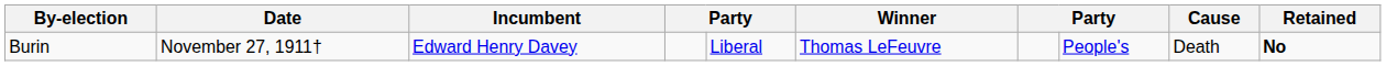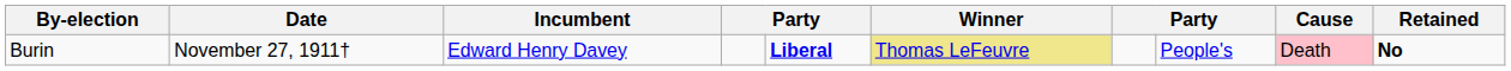 <table class=wikitable style="width:100%">
 <tr>
 <th>By-election</th>
 <th>Date</th>
 <th>Incumbent</th>
 <th colspan=2>Party</th>
 <th>Winner</th>
 <th colspan=2>Party</th>
 <th>Cause</th>
 <th>Retained</th>
 </tr>
 <tr>
 <td>Burin</td>
 <td>November 27, 1911†</td>
 <td><a href='#'>Edward Henry Davey</a></td>
 <td>    </td>
-<td><a href='#'>Liberal</a></td>
-<td><a href='#'>Thomas LeFeuvre</a></td>
+<td><strong><a href='#'>Liberal</a></strong></td>
+<td style="background: khaki;"><a href='#'>Thomas LeFeuvre</a></td>
 <td>    </td>
 <td><a href='#'>People's</a></td>
-<td>Death</td>
+<td style="background: pink;">Death</td>
 <td><strong>No</strong></td>
 </tr>
 </table>
